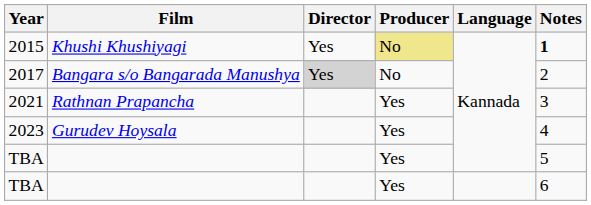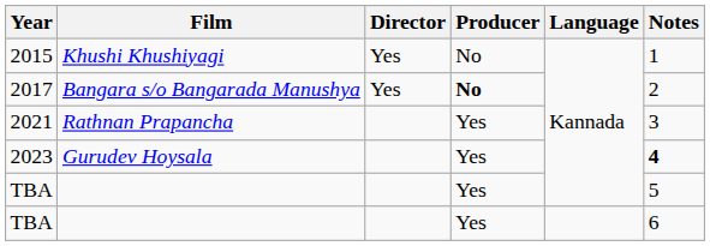 <table class="wikitable">
 <tr>
 <th>Year</th>
 <th>Film</th>
 <th>Director</th>
 <th>Producer</th>
 <th>Language</th>
 <th>Notes</th>
 </tr>
 <tr>
 <td>2015</td>
 <td><em><a href='#'>Khushi Khushiyagi</a></em></td>
 <td>Yes</td>
-<td style="background: khaki;">No</td>
+<td>No</td>
 <td rowspan="5">Kannada</td>
-<td><strong>1</strong></td>
+<td>1</td>
 </tr>
 <tr>
 <td>2017</td>
 <td><em><a href='#'>Bangara s/o Bangarada Manushya</a></em></td>
-<td style="background: lightgrey;">Yes</td>
-<td>No</td>
+<td>Yes</td>
+<td><strong>No</strong></td>
 <td>2</td>
 </tr>
 <tr>
 <td>2021</td>
 <td><em><a href='#'>Rathnan Prapancha</a></em></td>
 <td></td>
 <td>Yes</td>
 <td>3</td>
 </tr>
 <tr>
 <td>2023</td>
 <td><em><a href='#'>Gurudev Hoysala</a></em></td>
 <td></td>
 <td>Yes</td>
-<td>4</td>
+<td><strong>4</strong></td>
 </tr>
 <tr>
 <td>TBA</td>
 <td></td>
 <td></td>
 <td>Yes</td>
 <td>5</td>
 </tr>
 <tr>
 <td>TBA</td>
 <td></td>
 <td></td>
 <td>Yes</td>
 <td></td>
 <td>6</td>
 </tr>
 </table>
